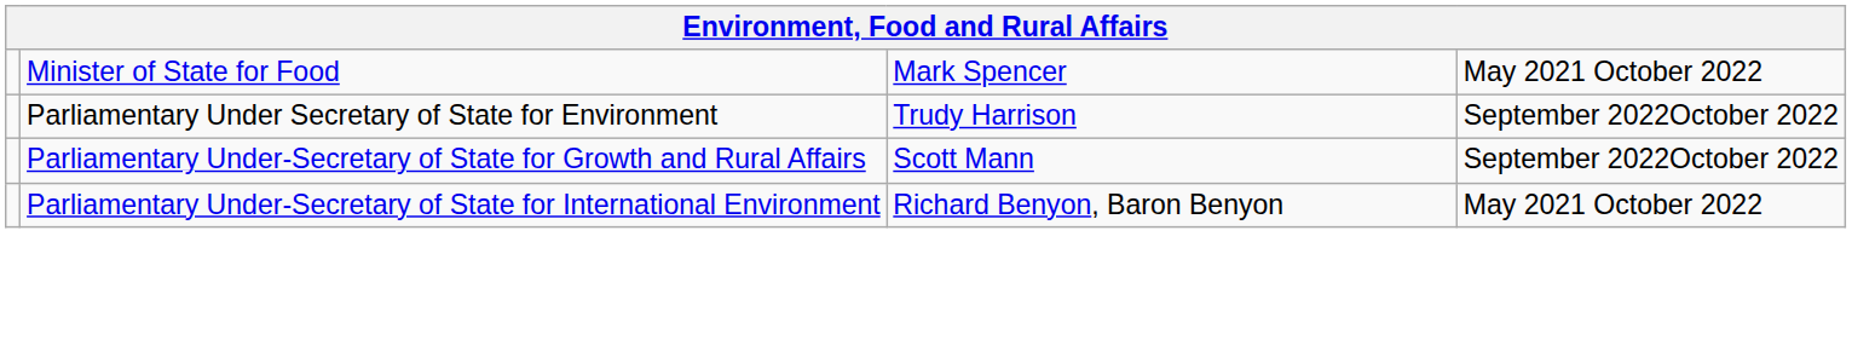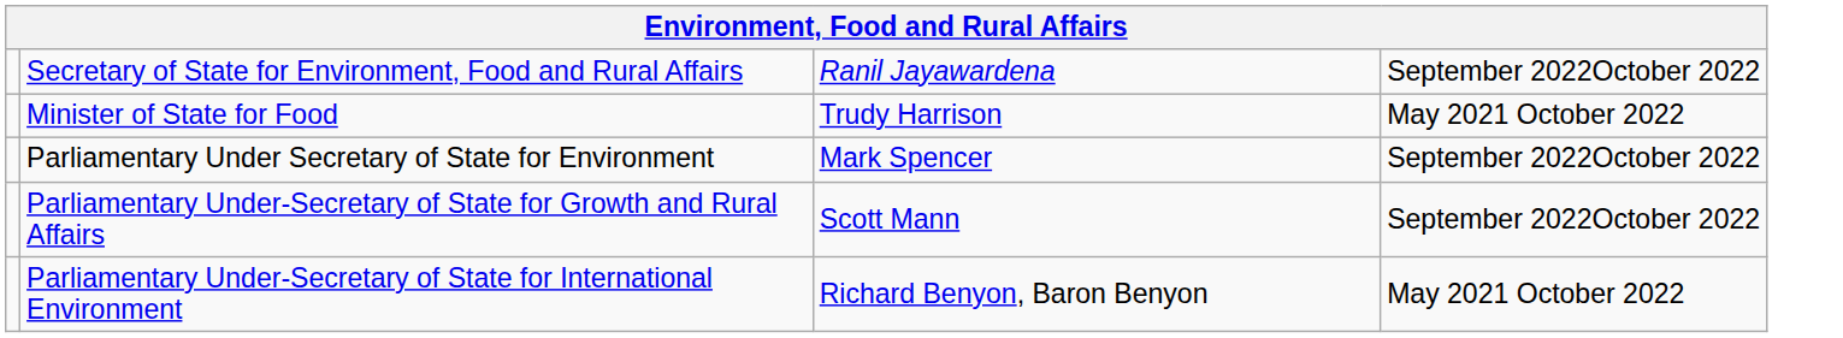 <table class="wikitable">
 <tr>
 <th colspan="4"><a href='#'>Environment, Food and Rural Affairs</a></th>
 </tr>
 <tr>
+<td rowspan=1 style="width: 1px; background: "></td>
+<td rowspan=1 style="width: 450px;"><a href='#'>Secretary of State for Environment, Food and Rural Affairs</a></td>
+<td style="width: 320px;"><em><a href='#'>Ranil Jayawardena</a><strong></td>
+<td>September 2022October 2022</td>
+</tr>
+<tr>
 <td style="width: 1px; background: "></td>
 <td><a href='#'>Minister of State for Food</a></td>
-<td><a href='#'>Mark Spencer</a></td>
+<td style="width: 320px;"><a href='#'>Trudy Harrison</a></td>
 <td>May 2021 October 2022</td>
 </tr>
 <tr>
 <td rowspan="1" style="width: 1px; background: "></td>
 <td rowspan=1>Parliamentary Under Secretary of State for Environment</td>
-<td style="width: 320px;"><a href='#'>Trudy Harrison</a></td>
+<td><a href='#'>Mark Spencer</a></td>
 <td>September 2022October 2022</td>
 </tr>
 <tr>
 <td rowspan="1" style="width: 1px; background: "></td>
 <td rowspan="1"><a href='#'>Parliamentary Under-Secretary of State for Growth and Rural Affairs</a></td>
 <td><a href='#'>Scott Mann</a></td>
 <td>September 2022October 2022</td>
 </tr>
 <tr>
 <td rowspan="1" style="width: 1px; background: "></td>
 <td rowspan="1"><a href='#'>Parliamentary Under-Secretary of State for International Environment</a></td>
 <td><a href='#'>Richard Benyon</a>, Baron Benyon </td>
 <td>May 2021 October 2022</td>
 </tr>
 </table>
